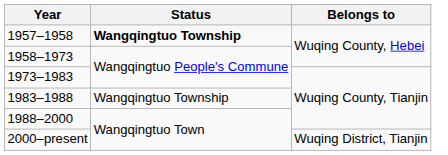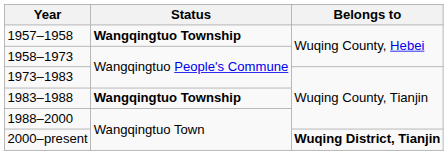 <table class="wikitable">
 <tr>
 <th>Year</th>
 <th>Status</th>
 <th>Belongs to</th>
 </tr>
 <tr>
 <td>1957–1958</td>
 <td><strong>Wangqingtuo Township</strong></td>
 <td rowspan="2">Wuqing County, <a href='#'>Hebei</a></td>
 </tr>
 <tr>
 <td>1958–1973</td>
 <td rowspan="2">Wangqingtuo <a href='#'>People's Commune</a></td>
 </tr>
 <tr>
 <td>1973–1983</td>
 <td rowspan="3">Wuqing County, Tianjin</td>
 </tr>
 <tr>
 <td>1983–1988</td>
-<td>Wangqingtuo Township</td>
+<td><strong>Wangqingtuo Township</strong></td>
 </tr>
 <tr>
 <td>1988–2000</td>
 <td rowspan="2">Wangqingtuo Town</td>
 </tr>
 <tr>
 <td>2000–present</td>
-<td>Wuqing District, Tianjin</td>
+<td><strong>Wuqing District, Tianjin</strong></td>
 </tr>
 </table>
